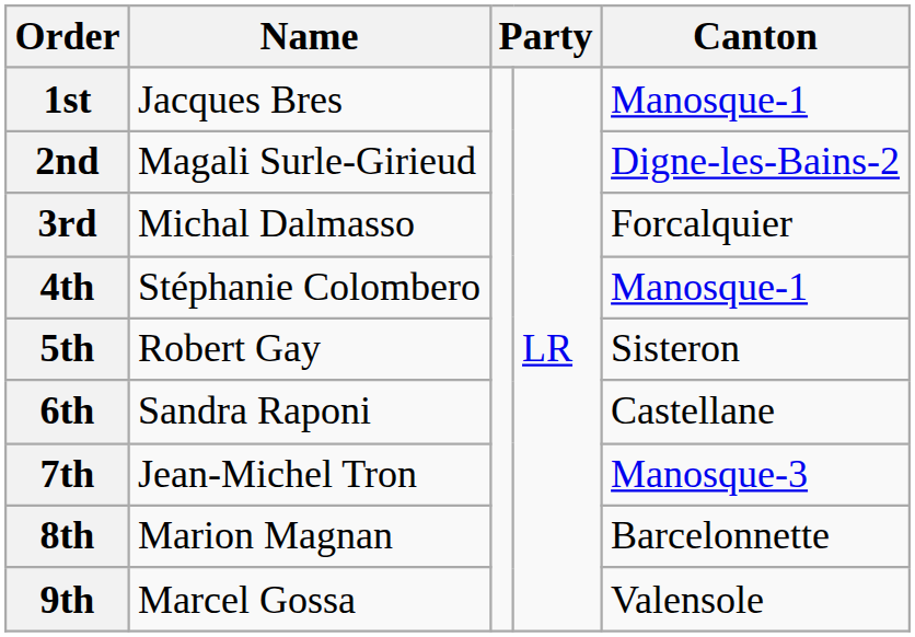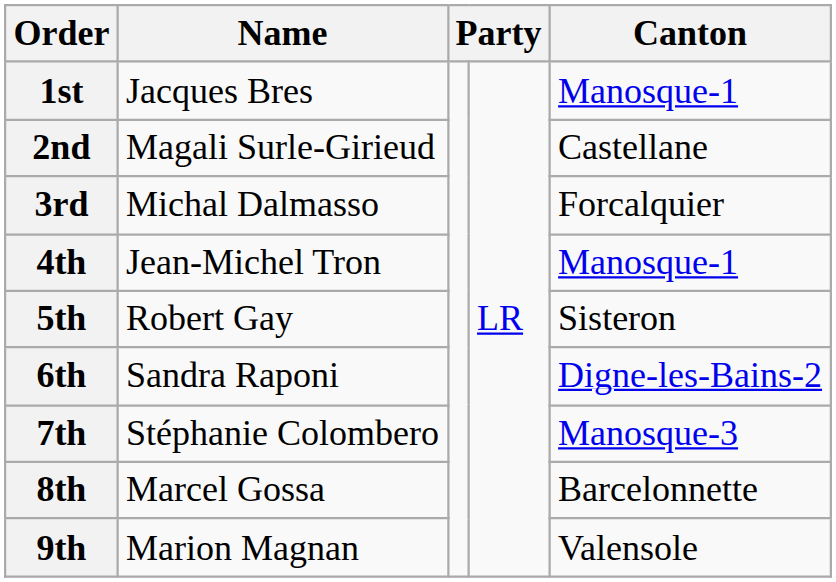 <table class="wikitable">
 <tr>
 <th>Order</th>
 <th>Name</th>
 <th colspan="2">Party</th>
 <th>Canton</th>
 </tr>
 <tr>
 <th>1st</th>
 <td>Jacques Bres</td>
 <td rowspan="9" style="background-color: "></td>
 <td rowspan="9"><a href='#'>LR</a></td>
 <td><a href='#'>Manosque-1</a></td>
 </tr>
 <tr>
 <th>2nd</th>
 <td>Magali Surle-Girieud</td>
-<td><a href='#'>Digne-les-Bains-2</a></td>
+<td>Castellane</td>
 </tr>
 <tr>
 <th>3rd</th>
 <td>Michal Dalmasso</td>
 <td>Forcalquier</td>
 </tr>
 <tr>
 <th>4th</th>
-<td>Stéphanie Colombero</td>
+<td>Jean-Michel Tron</td>
 <td><a href='#'>Manosque-1</a></td>
 </tr>
 <tr>
 <th>5th</th>
 <td>Robert Gay</td>
 <td>Sisteron</td>
 </tr>
 <tr>
 <th>6th</th>
 <td>Sandra Raponi</td>
-<td>Castellane</td>
+<td><a href='#'>Digne-les-Bains-2</a></td>
 </tr>
 <tr>
 <th>7th</th>
-<td>Jean-Michel Tron</td>
+<td>Stéphanie Colombero</td>
 <td><a href='#'>Manosque-3</a></td>
 </tr>
 <tr>
 <th>8th</th>
-<td>Marion Magnan</td>
+<td>Marcel Gossa</td>
 <td>Barcelonnette</td>
 </tr>
 <tr>
 <th>9th</th>
-<td>Marcel Gossa</td>
+<td>Marion Magnan</td>
 <td>Valensole</td>
 </tr>
 </table>
